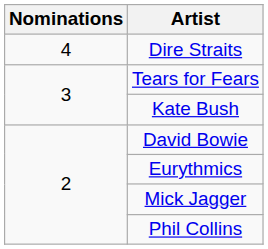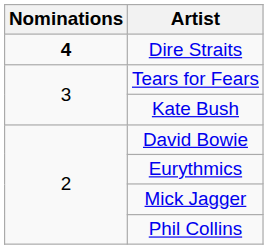 <table class="wikitable" rowspan="3" style="text-align:center;">
 <tr>
 <th scope="col" style="width:55px;">Nominations</th>
 <th scope="col" style="text-align:center;">Artist</th>
 </tr>
 <tr>
-<td>4</td>
+<td><strong>4</strong></td>
 <td><a href='#'>Dire Straits</a></td>
 </tr>
 <tr>
 <td rowspan="2">3</td>
 <td><a href='#'>Tears for Fears</a></td>
 </tr>
 <tr>
 <td><a href='#'>Kate Bush</a></td>
 </tr>
 <tr>
 <td rowspan="4">2</td>
 <td><a href='#'>David Bowie</a></td>
 </tr>
 <tr>
 <td><a href='#'>Eurythmics</a></td>
 </tr>
 <tr>
 <td><a href='#'>Mick Jagger</a></td>
 </tr>
 <tr>
 <td><a href='#'>Phil Collins</a></td>
 </tr>
 </table>
